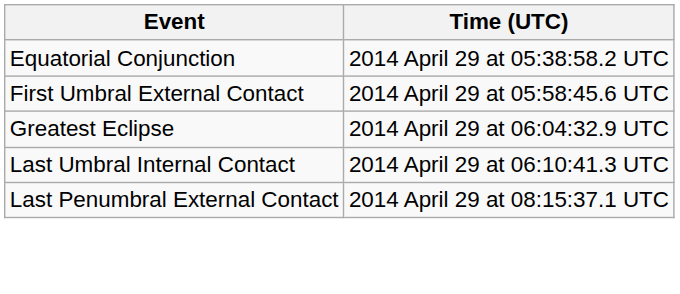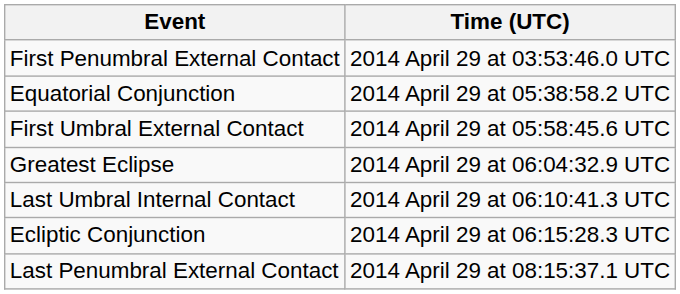 <table class="wikitable">
 <tr>
 <th>Event</th>
 <th>Time (UTC)</th>
+</tr>
+<tr>
+<td>First Penumbral External Contact</td>
+<td>2014 April 29 at 03:53:46.0 UTC</td>
 </tr>
 <tr>
 <td>Equatorial Conjunction</td>
 <td>2014 April 29 at 05:38:58.2 UTC</td>
 </tr>
 <tr>
 <td>First Umbral External Contact</td>
 <td>2014 April 29 at 05:58:45.6 UTC</td>
 </tr>
 <tr>
 <td>Greatest Eclipse</td>
 <td>2014 April 29 at 06:04:32.9 UTC</td>
 </tr>
 <tr>
 <td>Last Umbral Internal Contact</td>
 <td>2014 April 29 at 06:10:41.3 UTC</td>
 </tr>
 <tr>
+<td>Ecliptic Conjunction</td>
+<td>2014 April 29 at 06:15:28.3 UTC</td>
+</tr>
+<tr>
 <td>Last Penumbral External Contact</td>
 <td>2014 April 29 at 08:15:37.1 UTC</td>
 </tr>
 </table>
